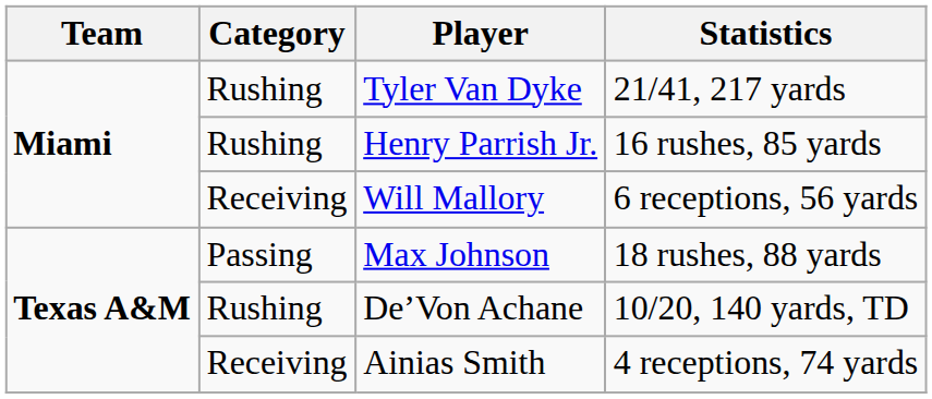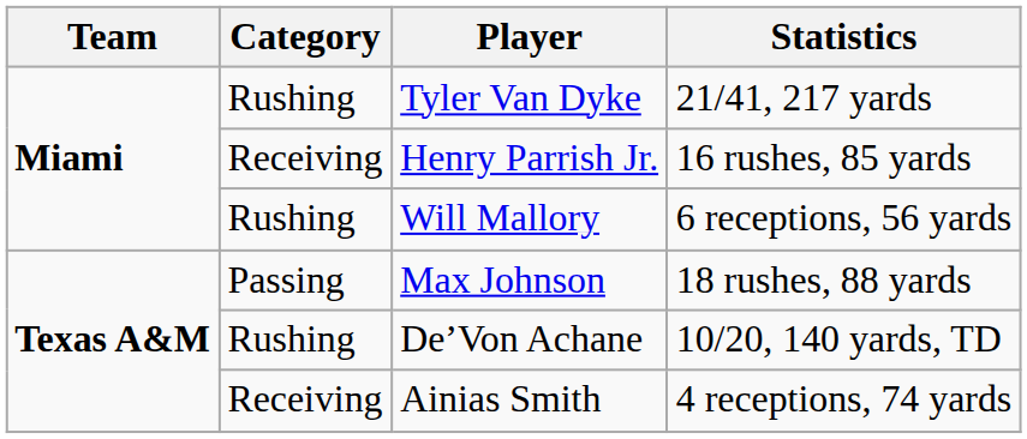 <table class="wikitable" style="float: right;">
 <tr>
 <th>Team</th>
 <th>Category</th>
 <th>Player</th>
 <th>Statistics</th>
 </tr>
 <tr>
 <td rowspan=3><strong>Miami</strong></td>
 <td>Rushing</td>
 <td><a href='#'>Tyler Van Dyke</a></td>
 <td>21/41, 217 yards</td>
 </tr>
 <tr>
-<td>Rushing</td>
+<td>Receiving</td>
 <td><a href='#'>Henry Parrish Jr.</a></td>
 <td>16 rushes, 85 yards</td>
 </tr>
 <tr>
-<td>Receiving</td>
+<td>Rushing</td>
 <td><a href='#'>Will Mallory</a></td>
 <td>6 receptions, 56 yards</td>
 </tr>
 <tr>
 <td rowspan=3><strong>Texas A&M</strong></td>
 <td>Passing</td>
 <td><a href='#'>Max Johnson</a></td>
 <td>18 rushes, 88 yards</td>
 </tr>
 <tr>
 <td>Rushing</td>
 <td>De’Von Achane</td>
 <td>10/20, 140 yards, TD</td>
 </tr>
 <tr>
 <td>Receiving</td>
 <td>Ainias Smith</td>
 <td>4 receptions, 74 yards</td>
 </tr>
 </table>
